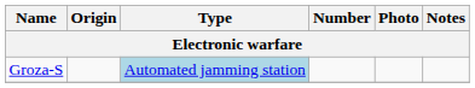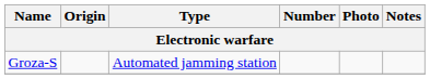 <table class="wikitable">
 <tr>
 <th style="text-align: width:12%;">Name</th>
 <th style="text-align: width:8%;">Origin</th>
 <th style="text-align: width:18%;">Type</th>
 <th style="text-align: width:7%;">Number</th>
 <th style="text-align: width:8%; ">Photo</th>
 <th style="text-align: width:47%;">Notes</th>
 </tr>
 <tr>
 <th colspan="6">Electronic warfare</th>
 </tr>
 <tr>
 <td><a href='#'>Groza-S</a></td>
 <td></td>
-<td style="background: lightblue;"><a href='#'>Automated jamming station</a></td>
+<td><a href='#'>Automated jamming station</a></td>
 <td></td>
 <td></td>
 <td></td>
 </tr>
 <tr>
 </tr>
 </table>
